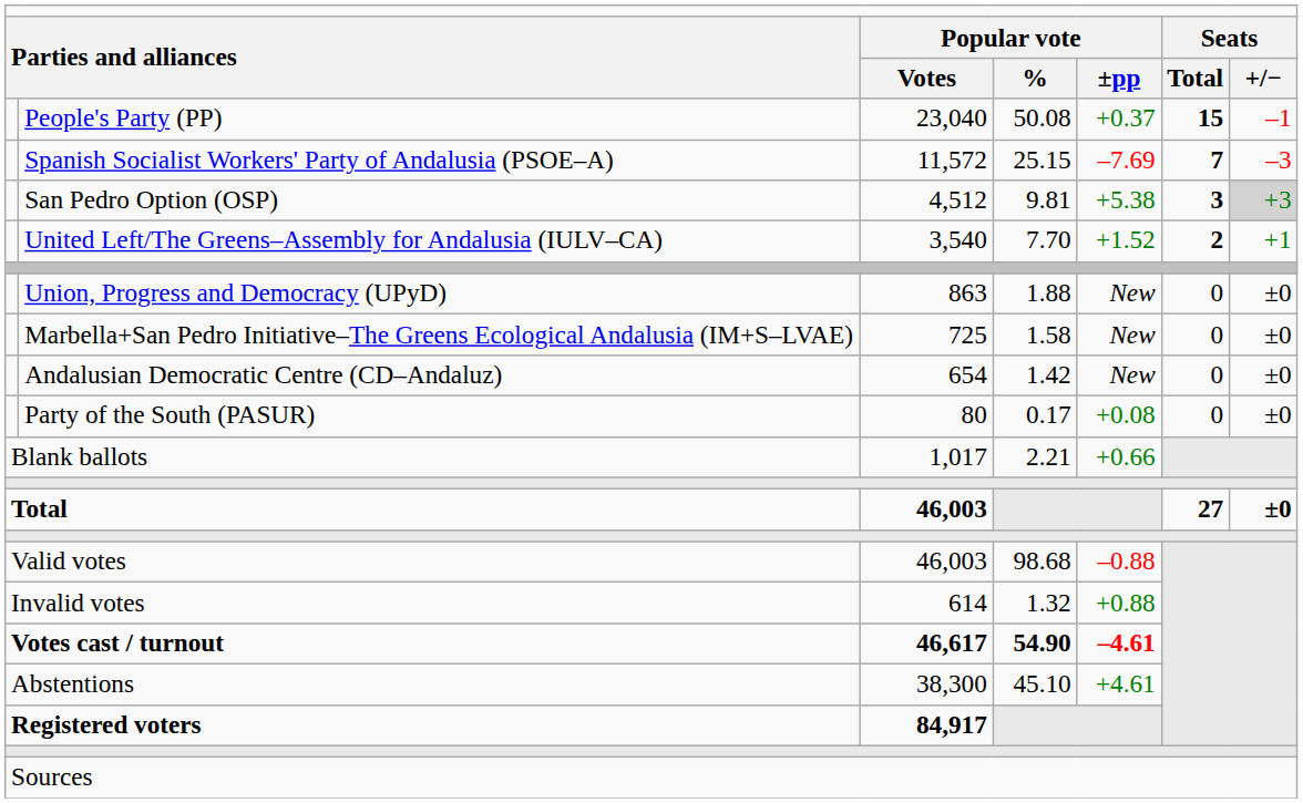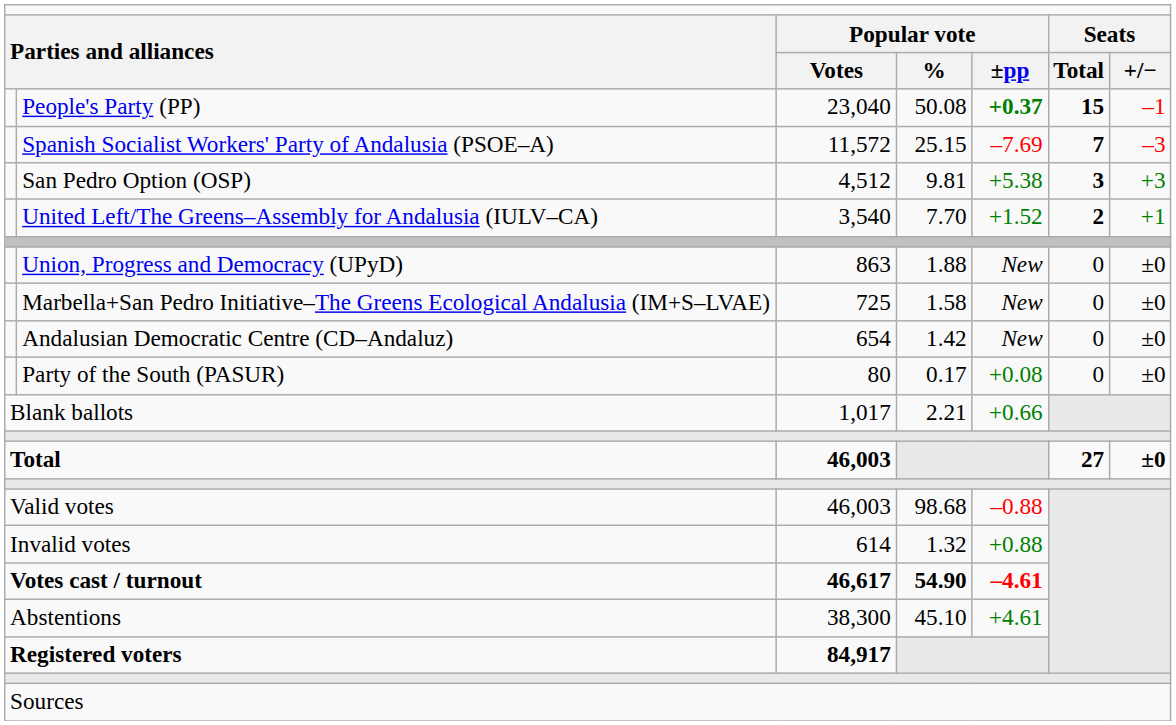 <table class="wikitable" style="text-align:right;">
 <tr>
 <td colspan="7"></td>
 </tr>
 <tr>
 <th style="text-align:left;" rowspan="2" colspan="2" width="525">Parties and alliances</th>
 <th colspan="3">Popular vote</th>
 <th colspan="2">Seats</th>
 </tr>
 <tr>
 <th width="75">Votes</th>
 <th width="45">%</th>
 <th width="45">±<a href='#'>pp</a></th>
 <th width="35">Total</th>
 <th width="35">+/−</th>
 </tr>
 <tr>
 <td width="1" style="color:inherit;background:"></td>
 <td align="left"><a href='#'>People's Party</a> (PP)</td>
 <td>23,040</td>
 <td>50.08</td>
-<td style="color:green;">+0.37</td>
+<td style="color:green;"><strong>+0.37</strong></td>
 <td><strong>15</strong></td>
 <td style="color:red;">–1</td>
 </tr>
 <tr>
 <td style="color:inherit;background:"></td>
 <td align="left"><a href='#'>Spanish Socialist Workers' Party of Andalusia</a> (PSOE–A)</td>
 <td>11,572</td>
 <td>25.15</td>
 <td style="color:red;">–7.69</td>
 <td><strong>7</strong></td>
 <td style="color:red;">–3</td>
 </tr>
 <tr>
 <td style="color:inherit;background:"></td>
 <td align="left">San Pedro Option (OSP)</td>
 <td>4,512</td>
 <td>9.81</td>
 <td style="color:green;">+5.38</td>
 <td><strong>3</strong></td>
-<td style="background: lightgrey; color:green;">+3</td>
+<td style="color:green;">+3</td>
 </tr>
 <tr>
 <td style="color:inherit;background:"></td>
 <td align="left"><a href='#'>United Left/The Greens–Assembly for Andalusia</a> (IULV–CA)</td>
 <td>3,540</td>
 <td>7.70</td>
 <td style="color:green;">+1.52</td>
 <td><strong>2</strong></td>
 <td style="color:green;">+1</td>
 </tr>
 <tr>
 <td colspan="7" bgcolor="#C0C0C0"></td>
 </tr>
 <tr>
 <td style="color:inherit;background:"></td>
 <td align="left"><a href='#'>Union, Progress and Democracy</a> (UPyD)</td>
 <td>863</td>
 <td>1.88</td>
 <td><em>New</em></td>
 <td>0</td>
 <td>±0</td>
 </tr>
 <tr>
 <td style="color:inherit;background:"></td>
 <td align="left">Marbella+San Pedro Initiative–<a href='#'>The Greens Ecological Andalusia</a> (IM+S–LVAE)</td>
 <td>725</td>
 <td>1.58</td>
 <td><em>New</em></td>
 <td>0</td>
 <td>±0</td>
 </tr>
 <tr>
 <td style="color:inherit;background:"></td>
 <td align="left">Andalusian Democratic Centre (CD–Andaluz)</td>
 <td>654</td>
 <td>1.42</td>
 <td><em>New</em></td>
 <td>0</td>
 <td>±0</td>
 </tr>
 <tr>
 <td style="color:inherit;background:"></td>
 <td align="left">Party of the South (PASUR)</td>
 <td>80</td>
 <td>0.17</td>
 <td style="color:green;">+0.08</td>
 <td>0</td>
 <td>±0</td>
 </tr>
 <tr>
 <td align="left" colspan="2">Blank ballots</td>
 <td>1,017</td>
 <td>2.21</td>
 <td style="color:green;">+0.66</td>
 <td bgcolor="#E9E9E9" colspan="2"></td>
 </tr>
 <tr>
 <td colspan="7" bgcolor="#E9E9E9"></td>
 </tr>
 <tr style="font-weight:bold;">
 <td align="left" colspan="2">Total</td>
 <td>46,003</td>
 <td bgcolor="#E9E9E9" colspan="2"></td>
 <td>27</td>
 <td>±0</td>
 </tr>
 <tr>
 <td colspan="7" bgcolor="#E9E9E9"></td>
 </tr>
 <tr>
 <td align="left" colspan="2">Valid votes</td>
 <td>46,003</td>
 <td>98.68</td>
 <td style="color:red;">–0.88</td>
 <td bgcolor="#E9E9E9" colspan="2" rowspan="5"></td>
 </tr>
 <tr>
 <td align="left" colspan="2">Invalid votes</td>
 <td>614</td>
 <td>1.32</td>
 <td style="color:green;">+0.88</td>
 </tr>
 <tr style="font-weight:bold;">
 <td align="left" colspan="2">Votes cast / turnout</td>
 <td>46,617</td>
 <td>54.90</td>
 <td style="color:red;">–4.61</td>
 </tr>
 <tr>
 <td align="left" colspan="2">Abstentions</td>
 <td>38,300</td>
 <td>45.10</td>
 <td style="color:green;">+4.61</td>
 </tr>
 <tr style="font-weight:bold;">
 <td align="left" colspan="2">Registered voters</td>
 <td>84,917</td>
 <td bgcolor="#E9E9E9" colspan="2"></td>
 </tr>
 <tr>
 <td colspan="7" bgcolor="#E9E9E9"></td>
 </tr>
 <tr>
 <td align="left" colspan="7">Sources</td>
 </tr>
 </table>
